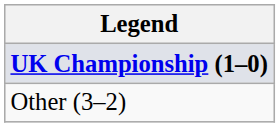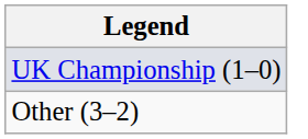 <table class="wikitable">
 <tr>
 <th>Legend</th>
 </tr>
 <tr style="background:#dfe2e9;">
-<td><strong><a href='#'>UK Championship</a> (1–0)</strong></td>
+<td><a href='#'>UK Championship</a> (1–0)</td>
 </tr>
 <tr bgcolor=>
 <td>Other (3–2)</td>
 </tr>
 </table>
